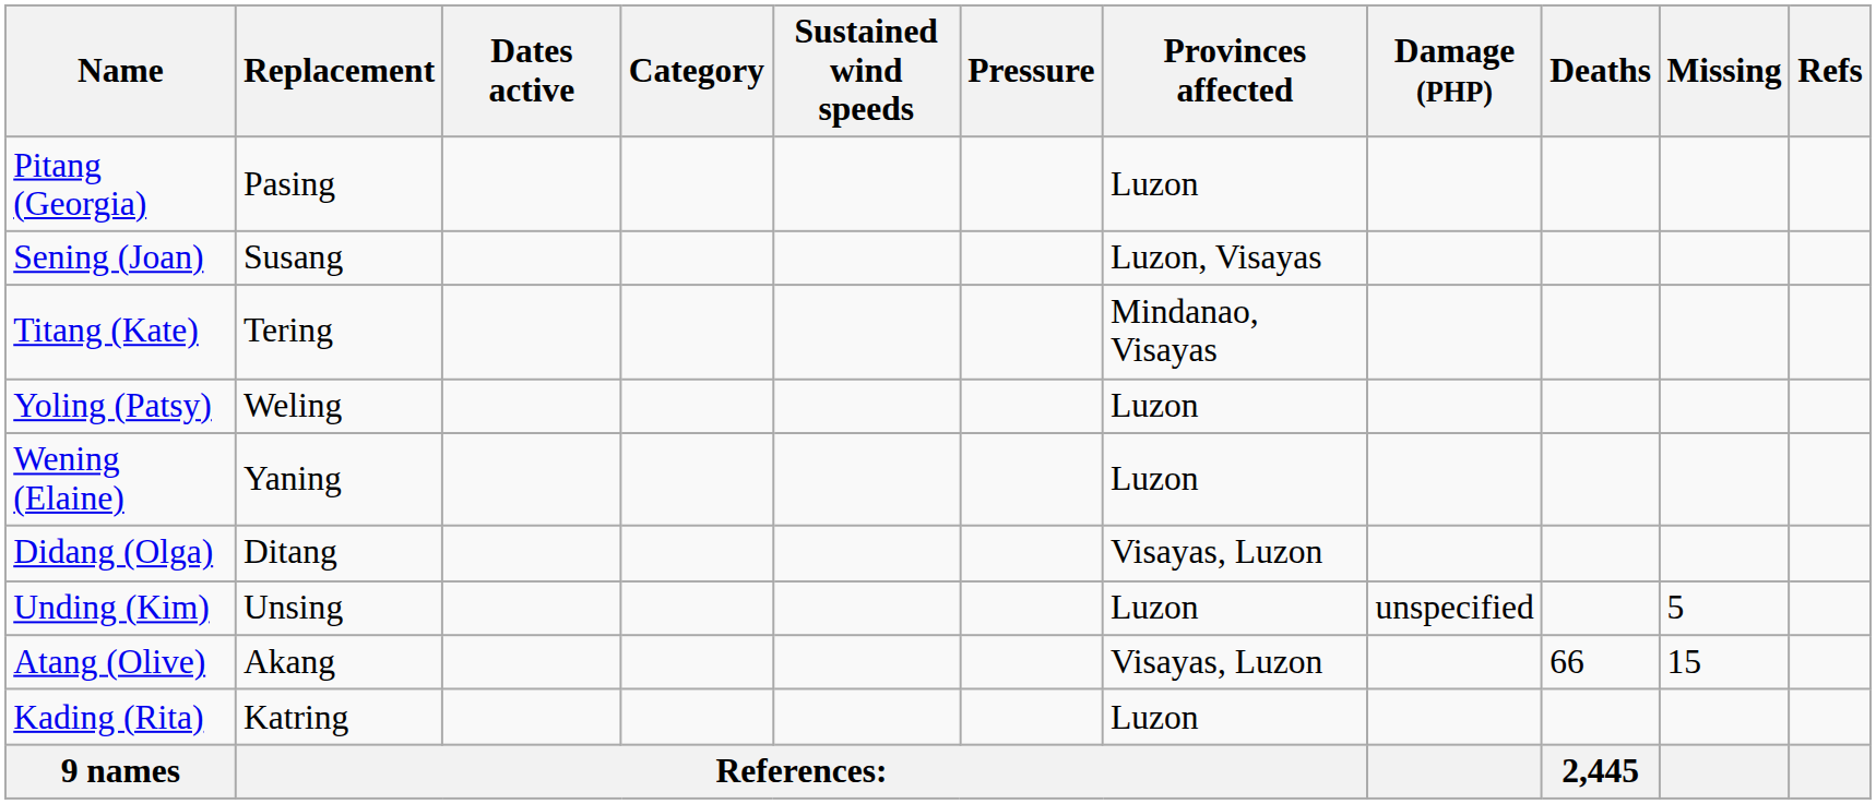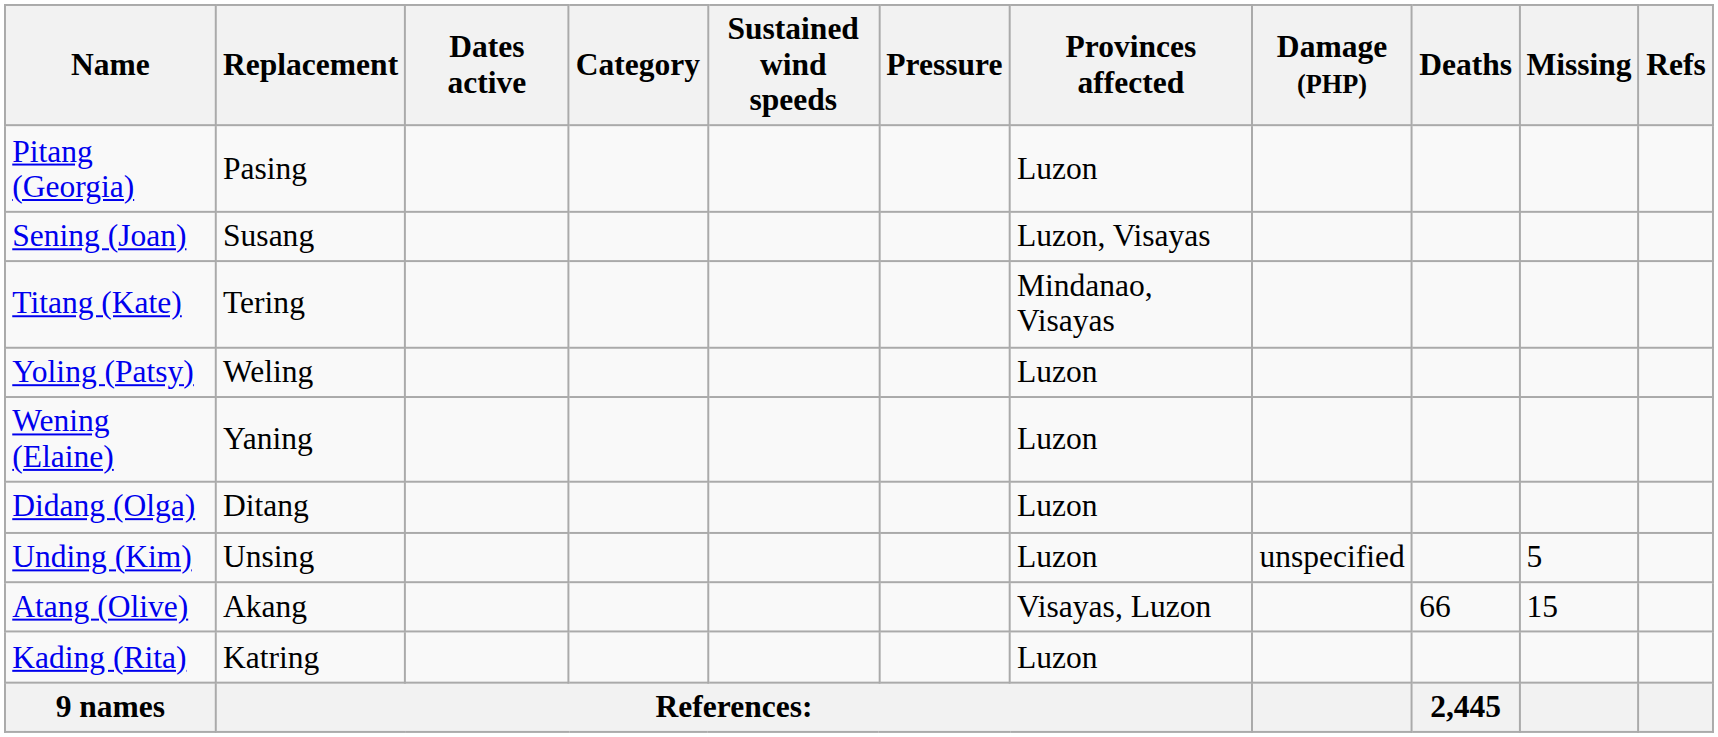 <table class="wikitable sortable">
 <tr>
 <th>Name</th>
 <th>Replacement</th>
 <th>Dates active</th>
 <th>Category</th>
 <th>Sustained <br>wind speeds</th>
 <th>Pressure</th>
 <th class="unsortable">Provinces affected</th>
 <th>Damage<br><small>(PHP)</small></th>
 <th>Deaths</th>
 <th>Missing</th>
 <th class="unsortable">Refs</th>
 </tr>
 <tr>
 <td><a href='#'>Pitang (Georgia)</a></td>
 <td>Pasing</td>
 <td></td>
 <td></td>
 <td></td>
 <td></td>
 <td>Luzon</td>
 <td></td>
 <td></td>
 <td></td>
 <td></td>
 </tr>
 <tr>
 <td><a href='#'>Sening (Joan)</a></td>
 <td>Susang</td>
 <td></td>
 <td></td>
 <td></td>
 <td></td>
 <td>Luzon, Visayas</td>
 <td></td>
 <td></td>
 <td></td>
 <td></td>
 </tr>
 <tr>
 <td><a href='#'>Titang (Kate)</a></td>
 <td>Tering</td>
 <td></td>
 <td></td>
 <td></td>
 <td></td>
 <td>Mindanao, Visayas</td>
 <td></td>
 <td></td>
 <td></td>
 <td></td>
 </tr>
 <tr>
 <td><a href='#'>Yoling (Patsy)</a></td>
 <td>Weling</td>
 <td></td>
 <td></td>
 <td></td>
 <td></td>
 <td>Luzon</td>
 <td></td>
 <td></td>
 <td></td>
 <td></td>
 </tr>
 <tr>
 <td><a href='#'>Wening (Elaine)</a></td>
 <td>Yaning</td>
 <td></td>
 <td></td>
 <td></td>
 <td></td>
 <td>Luzon</td>
 <td></td>
 <td></td>
 <td></td>
 <td></td>
 </tr>
 <tr>
 <td><a href='#'>Didang (Olga)</a></td>
 <td>Ditang</td>
 <td></td>
 <td></td>
 <td></td>
 <td></td>
-<td>Visayas, Luzon</td>
+<td>Luzon</td>
 <td></td>
 <td></td>
 <td></td>
 <td></td>
 </tr>
 <tr>
 <td><a href='#'>Unding (Kim)</a></td>
 <td>Unsing</td>
 <td></td>
 <td></td>
 <td></td>
 <td></td>
 <td>Luzon</td>
 <td>unspecified</td>
 <td></td>
 <td>5</td>
 <td></td>
 </tr>
 <tr>
 <td><a href='#'>Atang (Olive)</a></td>
 <td>Akang</td>
 <td></td>
 <td></td>
 <td></td>
 <td></td>
 <td>Visayas, Luzon</td>
 <td></td>
 <td>66</td>
 <td>15</td>
 <td></td>
 </tr>
 <tr>
 <td><a href='#'>Kading (Rita)</a></td>
 <td>Katring</td>
 <td></td>
 <td></td>
 <td></td>
 <td></td>
 <td>Luzon</td>
 <td></td>
 <td></td>
 <td></td>
 <td></td>
 </tr>
 <tr class="sortbottom">
 <th>9 names</th>
 <th colspan="6">References: </th>
 <th></th>
 <th>2,445</th>
 <th></th>
 <th></th>
 </tr>
 </table>
